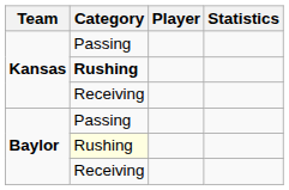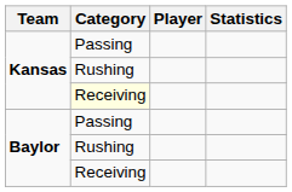 <table class="wikitable" style="float: left;">
 <tr>
 <th>Team</th>
 <th>Category</th>
 <th>Player</th>
 <th>Statistics</th>
 </tr>
 <tr>
 <td rowspan=3><strong>Kansas</strong></td>
 <td>Passing</td>
 <td></td>
 <td></td>
 </tr>
 <tr>
-<td><strong>Rushing</strong></td>
+<td>Rushing</td>
 <td></td>
 <td></td>
 </tr>
 <tr>
-<td>Receiving</td>
+<td style="background: lightyellow;">Receiving</td>
 <td></td>
 <td></td>
 </tr>
 <tr>
 <td rowspan=3><strong>Baylor</strong></td>
 <td>Passing</td>
 <td></td>
 <td></td>
 </tr>
 <tr>
-<td style="background: lightyellow;">Rushing</td>
+<td>Rushing</td>
 <td></td>
 <td></td>
 </tr>
 <tr>
 <td>Receiving</td>
 <td></td>
 <td></td>
 </tr>
 </table>
